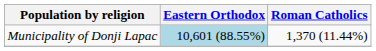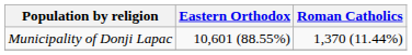 <table class="wikitable sortable">
 <tr>
 <th>Population by religion</th>
 <th><a href='#'>Eastern Orthodox</a></th>
 <th><a href='#'>Roman Catholics</a></th>
 </tr>
 <tr>
 <td><em>Municipality of Donji Lapac</em></td>
-<td align="right" style="background: lightblue;">10,601 (88.55%)</td>
+<td align="right">10,601 (88.55%)</td>
 <td align="right">1,370 (11.44%)</td>
 </tr>
 <tr>
 </tr>
 </table>
